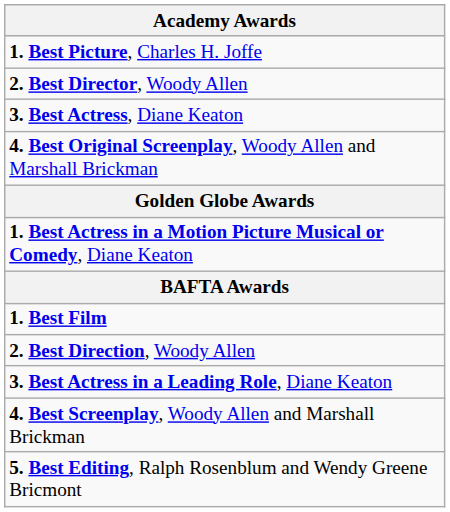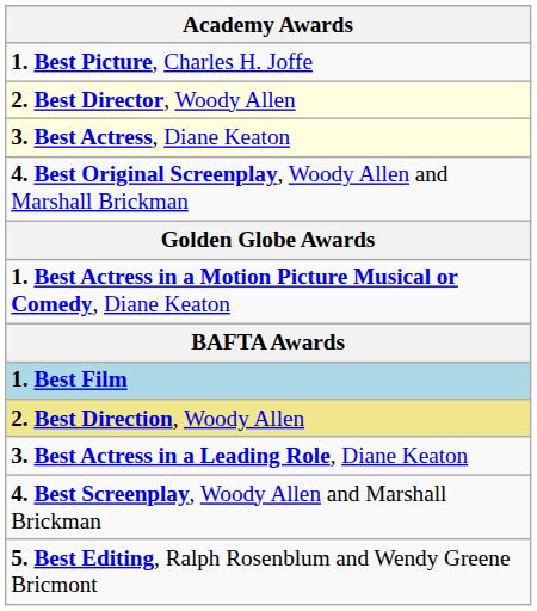 <table class="wikitable floatright" style="width: 23em; font-size: 85%;">
 <tr style="background:#ccc; text-align:center;">
 <th colspan="2">Academy Awards</th>
 </tr>
 <tr>
 <td><strong>1. <a href='#'>Best Picture</a></strong>, <a href='#'>Charles H. Joffe</a></td>
 </tr>
 <tr>
-<td><strong>2. <a href='#'>Best Director</a></strong>, <a href='#'>Woody Allen</a></td>
+<td style="background: lightyellow;"><strong>2. <a href='#'>Best Director</a></strong>, <a href='#'>Woody Allen</a></td>
 </tr>
 <tr>
-<td><strong>3. <a href='#'>Best Actress</a></strong>, <a href='#'>Diane Keaton</a></td>
+<td style="background: lightyellow;"><strong>3. <a href='#'>Best Actress</a></strong>, <a href='#'>Diane Keaton</a></td>
 </tr>
 <tr>
 <td><strong>4. <a href='#'>Best Original Screenplay</a></strong>, <a href='#'>Woody Allen</a> and <a href='#'>Marshall Brickman</a></td>
 </tr>
 <tr style="background:#ccc; text-align:center;">
 <th colspan="2">Golden Globe Awards</th>
 </tr>
 <tr>
 <td><strong>1. <a href='#'>Best Actress in a Motion Picture Musical or Comedy</a></strong>, <a href='#'>Diane Keaton</a></td>
 </tr>
 <tr style="background:#ccc; text-align:center;">
 <th colspan="2">BAFTA Awards</th>
 </tr>
 <tr>
-<td><strong>1. <a href='#'>Best Film</a></strong></td>
+<td style="background: lightblue;"><strong>1. <a href='#'>Best Film</a></strong></td>
 </tr>
 <tr>
-<td><strong>2. <a href='#'>Best Direction</a></strong>, <a href='#'>Woody Allen</a></td>
+<td style="background: khaki;"><strong>2. <a href='#'>Best Direction</a></strong>, <a href='#'>Woody Allen</a></td>
 </tr>
 <tr>
 <td><strong>3. <a href='#'>Best Actress in a Leading Role</a></strong>, <a href='#'>Diane Keaton</a></td>
 </tr>
 <tr>
 <td><strong>4. <a href='#'>Best Screenplay</a></strong>, <a href='#'>Woody Allen</a> and Marshall Brickman</td>
 </tr>
 <tr>
 <td><strong>5. <a href='#'>Best Editing</a></strong>, Ralph Rosenblum and Wendy Greene Bricmont</td>
 </tr>
 </table>
